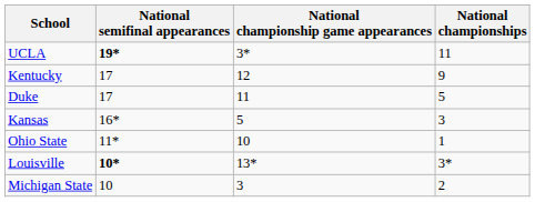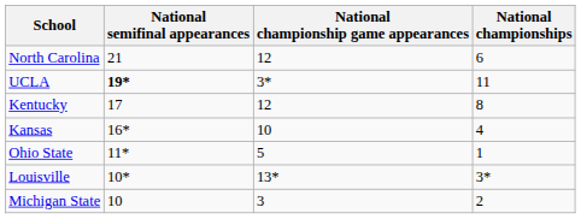 <table class="wikitable sortable">
 <tr>
 <th>School</th>
 <th>National<br>semifinal appearances</th>
 <th>National<br>championship game appearances</th>
 <th>National<br>championships</th>
+</tr>
+<tr>
+<td><a href='#'>North Carolina</a></td>
+<td>21</td>
+<td>12</td>
+<td>6</td>
 </tr>
 <tr>
 <td><a href='#'>UCLA</a></td>
 <td><strong>19*</strong></td>
 <td>3*</td>
 <td>11</td>
 </tr>
 <tr>
 <td><a href='#'>Kentucky</a></td>
 <td>17</td>
 <td>12</td>
-<td>9</td>
-</tr>
-<tr>
-<td><a href='#'>Duke</a></td>
-<td>17</td>
-<td>11</td>
-<td>5</td>
+<td>8</td>
 </tr>
 <tr>
 <td><a href='#'>Kansas</a></td>
 <td>16*</td>
-<td>5</td>
-<td>3</td>
+<td>10</td>
+<td>4</td>
 </tr>
 <tr>
 <td><a href='#'>Ohio State</a></td>
 <td>11*</td>
-<td>10</td>
+<td>5</td>
 <td>1</td>
 </tr>
 <tr>
 <td><a href='#'>Louisville</a></td>
-<td><strong>10*</strong></td>
+<td>10*</td>
 <td>13*</td>
 <td>3*</td>
 </tr>
 <tr>
 <td><a href='#'>Michigan State</a></td>
 <td>10</td>
 <td>3</td>
 <td>2</td>
 </tr>
 </table>
